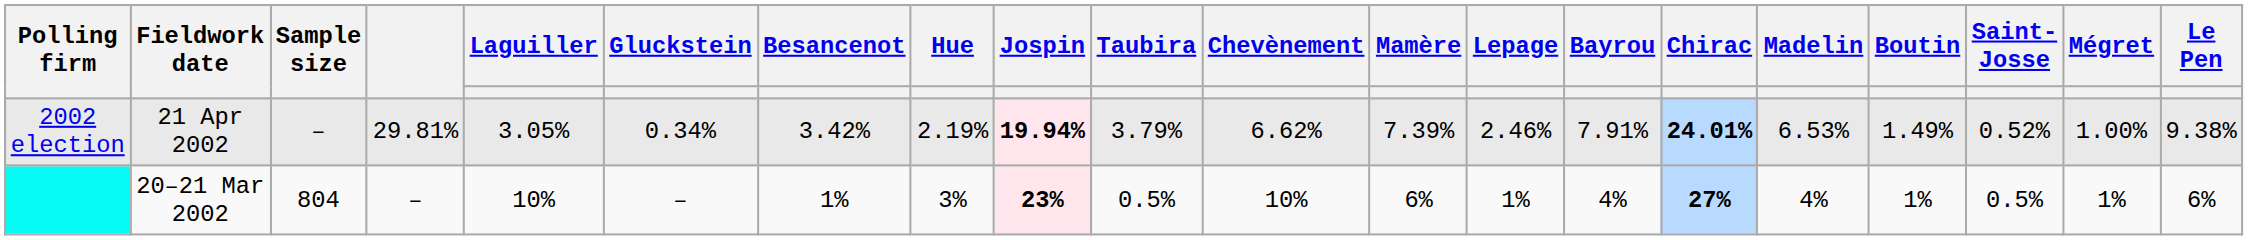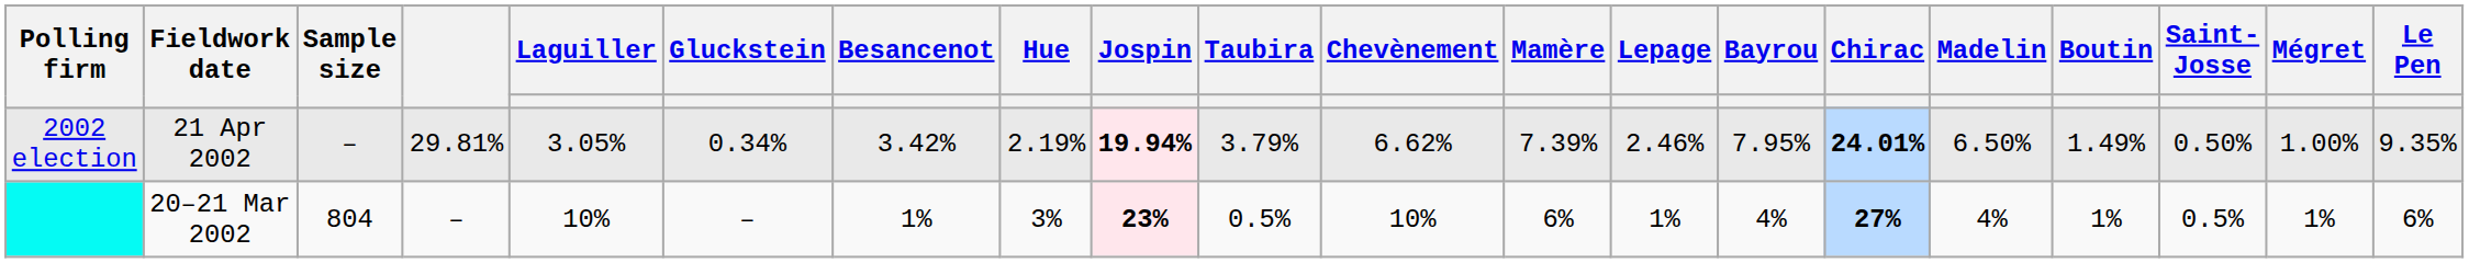 <table class="wikitable sortable" style="text-align:center;font-size:90%;line-height:14px;">
 <tr style="height:40px;">
 <th style="width:100px;" rowspan="2">Polling firm</th>
 <th style="width:110px;" rowspan="2">Fieldwork date</th>
 <th style="width:35px;" rowspan="2">Sample<br>size</th>
 <th style="width:30px;" rowspan="2"></th>
 <th class="unsortable" style="width:60px;"><a href='#'>Laguiller</a><br></th>
 <th class="unsortable" style="width:60px;"><a href='#'>Gluckstein</a><br></th>
 <th class="unsortable" style="width:60px;"><a href='#'>Besancenot</a><br></th>
 <th class="unsortable" style="width:60px;"><a href='#'>Hue</a><br></th>
 <th class="unsortable" style="width:60px;"><a href='#'>Jospin</a><br></th>
 <th class="unsortable" style="width:60px;"><a href='#'>Taubira</a><br></th>
 <th class="unsortable" style="width:60px;"><a href='#'>Chevènement</a><br></th>
 <th class="unsortable" style="width:60px;"><a href='#'>Mamère</a><br></th>
 <th class="unsortable" style="width:60px;"><a href='#'>Lepage</a><br></th>
 <th class="unsortable" style="width:60px;"><a href='#'>Bayrou</a><br></th>
 <th class="unsortable" style="width:60px;"><a href='#'>Chirac</a><br></th>
 <th class="unsortable" style="width:60px;"><a href='#'>Madelin</a><br></th>
 <th class="unsortable" style="width:60px;"><a href='#'>Boutin</a><br></th>
 <th class="unsortable" style="width:60px;"><a href='#'>Saint-<br>Josse</a><br></th>
 <th class="unsortable" style="width:60px;"><a href='#'>Mégret</a><br></th>
 <th class="unsortable" style="width:60px;"><a href='#'>Le Pen</a><br></th>
 </tr>
 <tr>
 <th style="background:"></th>
 <th style="background:"></th>
 <th style="background:"></th>
 <th style="background:"></th>
 <th style="background:"></th>
 <th style="background:"></th>
 <th style="background:"></th>
 <th style="background:"></th>
 <th style="background:"></th>
 <th style="background:"></th>
 <th style="background:"></th>
 <th style="background:"></th>
 <th style="background:"></th>
 <th style="background:"></th>
 <th style="background:"></th>
 <th style="background:"></th>
 </tr>
 <tr style="background:#E9E9E9;">
 <td><a href='#'>2002 election</a></td>
 <td data-sort-value="2002-04-21">21 Apr 2002</td>
 <td>–</td>
 <td>29.81%</td>
 <td>3.05%</td>
 <td>0.34%</td>
 <td>3.42%</td>
 <td>2.19%</td>
 <td style="background:#FFE6EC;"><strong>19.94%</strong></td>
 <td>3.79%</td>
 <td>6.62%</td>
 <td>7.39%</td>
 <td>2.46%</td>
-<td>7.91%</td>
+<td>7.95%</td>
 <td style="background:#B9DAFF;"><strong>24.01%</strong></td>
-<td>6.53%</td>
+<td>6.50%</td>
 <td>1.49%</td>
-<td>0.52%</td>
+<td>0.50%</td>
 <td>1.00%</td>
-<td>9.38%</td>
+<td>9.35%</td>
 </tr>
 <tr>
 <td style="background:#04FBF4;"></td>
 <td data-sort-value="2002-03-21">20–21 Mar 2002</td>
 <td>804</td>
 <td>–</td>
 <td>10%</td>
 <td>–</td>
 <td>1%</td>
 <td>3%</td>
 <td style="background:#FFE6EC;"><strong>23%</strong></td>
 <td>0.5%</td>
 <td>10%</td>
 <td>6%</td>
 <td>1%</td>
 <td>4%</td>
 <td style="background:#B9DAFF;"><strong>27%</strong></td>
 <td>4%</td>
 <td>1%</td>
 <td>0.5%</td>
 <td>1%</td>
 <td>6%</td>
 </tr>
 </table>
